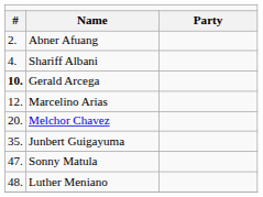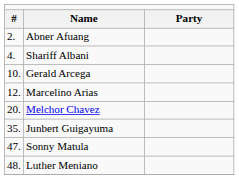 <table class=wikitable style="font-size:90%">
 <tr>
 <td colspan=4 bgcolor=></td>
 </tr>
 <tr>
 <th>#</th>
 <th width=150px>Name</th>
 <th colspan=2 width=110px>Party</th>
 </tr>
 <tr>
 <td>2.</td>
 <td>Abner Afuang</td>
 <td></td>
 </tr>
 <tr>
 <td>4.</td>
 <td>Shariff Albani</td>
 <td></td>
 </tr>
 <tr>
-<td><strong>10.</strong></td>
+<td>10.</td>
 <td>Gerald Arcega</td>
 <td></td>
 </tr>
 <tr>
 <td>12.</td>
 <td>Marcelino Arias</td>
 <td></td>
 </tr>
 <tr>
 <td>20.</td>
 <td><a href='#'>Melchor Chavez</a></td>
 <td></td>
 </tr>
 <tr>
 <td>35.</td>
 <td>Junbert Guigayuma</td>
 <td></td>
 </tr>
 <tr>
 <td>47.</td>
 <td>Sonny Matula</td>
 <td></td>
 </tr>
 <tr>
 <td>48.</td>
 <td>Luther Meniano</td>
 <td></td>
 </tr>
 <tr>
 </tr>
 </table>
